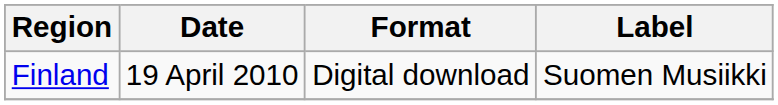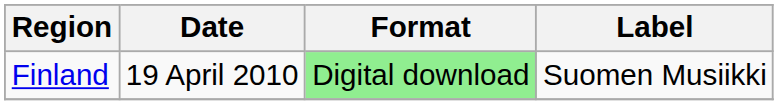 <table class=wikitable>
 <tr>
 <th>Region</th>
 <th>Date</th>
 <th>Format</th>
 <th>Label</th>
 </tr>
 <tr>
 <td><a href='#'>Finland</a></td>
 <td>19 April 2010</td>
-<td>Digital download</td>
+<td style="background: lightgreen;">Digital download</td>
 <td>Suomen Musiikki</td>
 </tr>
 <tr>
 </tr>
 </table>
